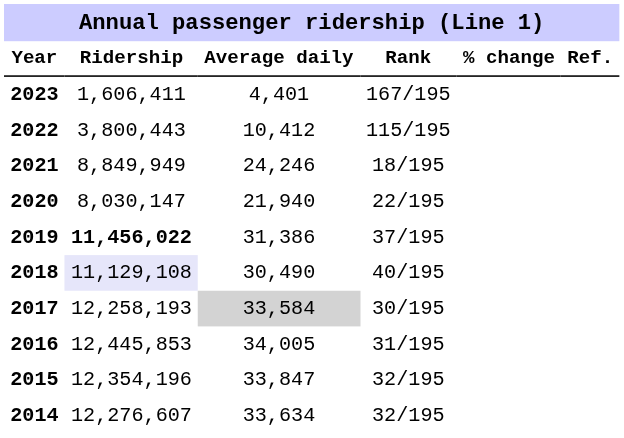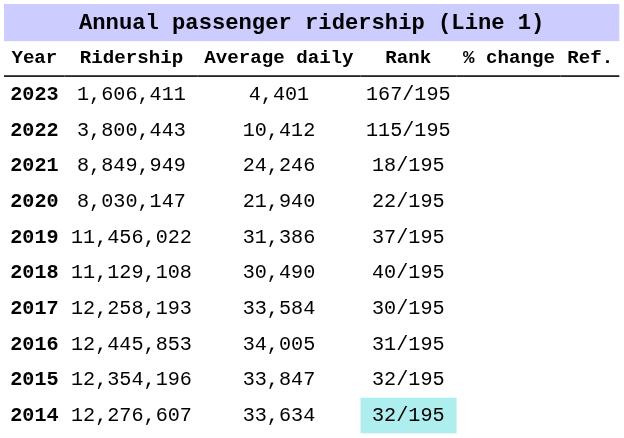 <table class="toccolours" cellpadding="4" cellspacing="0" style="text-align:right;">
 <tr>
 <th colspan="6"  style="background-color:#ccf; background-color:#ccf; font-size:110%; text-align:center;">Annual passenger ridership (Line 1)</th>
 </tr>
 <tr style="font-size:95%; text-align:center">
 <th style="border-bottom:1px solid black">Year</th>
 <th style="border-bottom:1px solid black">Ridership</th>
 <th style="border-bottom:1px solid black">Average daily</th>
 <th style="border-bottom:1px solid black">Rank</th>
 <th style="border-bottom:1px solid black">% change</th>
 <th style="border-bottom:1px solid black">Ref.</th>
 </tr>
 <tr style="text-align:center;">
 <td><strong>2023</strong></td>
 <td>1,606,411</td>
 <td>4,401</td>
 <td>167/195</td>
 <td></td>
 <td></td>
 </tr>
 <tr style="text-align:center;">
 <td><strong>2022</strong></td>
 <td>3,800,443</td>
 <td>10,412</td>
 <td>115/195</td>
 <td></td>
 <td></td>
 </tr>
 <tr style="text-align:center;">
 <td><strong>2021</strong></td>
 <td>8,849,949</td>
 <td>24,246</td>
 <td>18/195</td>
 <td></td>
 <td></td>
 </tr>
 <tr style="text-align:center;">
 <td><strong>2020</strong></td>
 <td>8,030,147</td>
 <td>21,940</td>
 <td>22/195</td>
 <td></td>
 <td></td>
 </tr>
 <tr style="text-align:center;">
 <td><strong>2019</strong></td>
-<td><strong>11,456,022</strong></td>
+<td>11,456,022</td>
 <td>31,386</td>
 <td>37/195</td>
 <td></td>
 <td></td>
 </tr>
 <tr style="text-align:center;">
 <td><strong>2018</strong></td>
-<td style="background: lavender;">11,129,108</td>
+<td>11,129,108</td>
 <td>30,490</td>
 <td>40/195</td>
 <td></td>
 <td></td>
 </tr>
 <tr style="text-align:center;">
 <td><strong>2017</strong></td>
 <td>12,258,193</td>
-<td style="background: lightgrey;">33,584</td>
+<td>33,584</td>
 <td>30/195</td>
 <td></td>
 <td></td>
 </tr>
 <tr style="text-align:center;">
 <td><strong>2016</strong></td>
 <td>12,445,853</td>
 <td>34,005</td>
 <td>31/195</td>
 <td></td>
 <td></td>
 </tr>
 <tr style="text-align:center;">
 <td><strong>2015</strong></td>
 <td>12,354,196</td>
 <td>33,847</td>
 <td>32/195</td>
 <td></td>
 <td></td>
 </tr>
 <tr style="text-align:center;">
 <td><strong>2014</strong></td>
 <td>12,276,607</td>
 <td>33,634</td>
-<td>32/195</td>
+<td style="background: paleturquoise;">32/195</td>
 <td></td>
 <td></td>
 </tr>
 </table>
